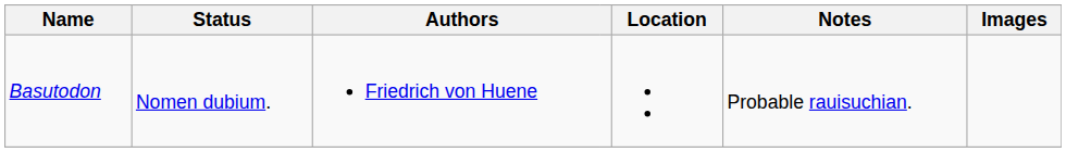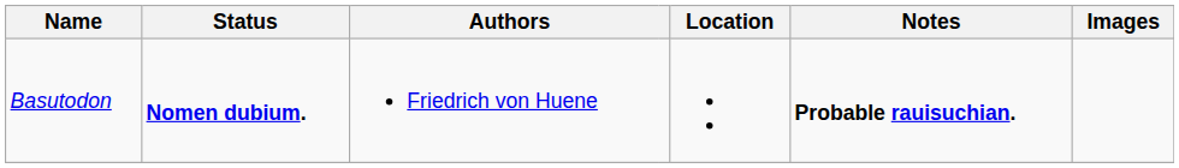 <table class="wikitable sortable" align="center" width="100%">
 <tr>
 <th>Name</th>
 <th>Status</th>
 <th colspan="2">Authors</th>
 <th>Location</th>
 <th class="unsortable">Notes</th>
 <th class="unsortable">Images</th>
 </tr>
 <tr>
 <td><em><a href='#'>Basutodon</a></em></td>
-<td><br><a href='#'>Nomen dubium</a>.</td>
+<td><strong><br><a href='#'>Nomen dubium</a>.</strong></td>
 <td style="border-right:0px" valign="top"><br><ul><li><a href='#'>Friedrich von Huene</a></li></ul></td>
 <td style="border-left:0px" valign="top"></td>
 <td><br><ul><li></li><li></li></ul></td>
-<td><br>Probable <a href='#'>rauisuchian</a>.</td>
+<td><strong><br>Probable <a href='#'>rauisuchian</a>.</strong></td>
 <td></td>
 </tr>
 <tr>
 </tr>
 </table>
